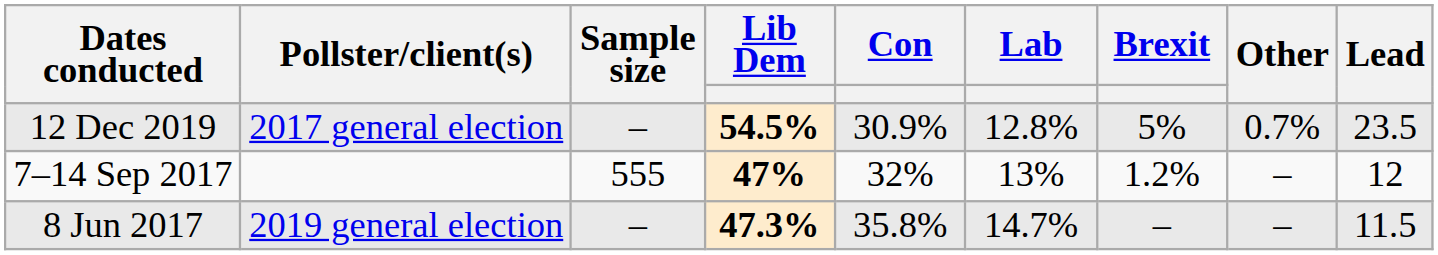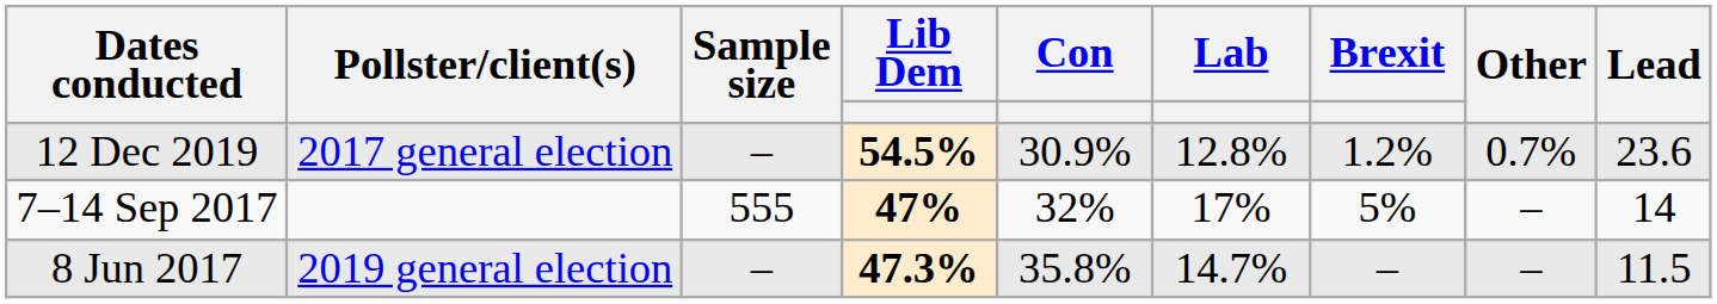 <table class="wikitable sortable mw-datatable" style="text-align:center;line-height:14px;">
 <tr>
 <th rowspan="2">Dates<br>conducted</th>
 <th rowspan="2">Pollster/client(s)</th>
 <th data-sort-type="number" rowspan="2">Sample<br>size</th>
 <th class="unsortable" style="width:50px;"><a href='#'>Lib Dem</a></th>
 <th class="unsortable" style="width:50px;"><a href='#'>Con</a></th>
 <th class="unsortable" style="width:50px;"><a href='#'>Lab</a></th>
 <th class="unsortable" style="width:50px;"><a href='#'>Brexit</a></th>
 <th class="unsortable" rowspan="2">Other</th>
 <th data-sort-type="number" rowspan="2">Lead</th>
 </tr>
 <tr>
 <th data-sort-type="number" style="background:"></th>
 <th data-sort-type="number" style="background:"></th>
 <th data-sort-type="number" style="background:"></th>
 <th data-sort-type="number" style="background:"></th>
 </tr>
 <tr style="background:#E9E9E9;">
 <td data-sort-value="2017-06-08">12 Dec 2019</td>
 <td><a href='#'>2017 general election</a></td>
 <td>–</td>
 <td style="background:#FEECCD;"><strong>54.5%</strong></td>
 <td>30.9%</td>
 <td>12.8%</td>
-<td>5%</td>
+<td>1.2%</td>
 <td>0.7%</td>
-<td style="background:">23.5</td>
+<td style="background:">23.6</td>
 </tr>
 <tr>
 <td data-sort-value="2017-09-14">7–14 Sep 2017</td>
 <td></td>
 <td>555</td>
 <td style="background:#FEECCD;"><strong>47%</strong></td>
 <td>32%</td>
-<td>13%</td>
-<td>1.2%</td>
+<td>17%</td>
+<td>5%</td>
 <td>–</td>
-<td style="background:">12</td>
+<td style="background:">14</td>
 </tr>
 <tr style="background:#E9E9E9;">
 <td data-sort-value="2017-06-08">8 Jun 2017</td>
 <td><a href='#'>2019 general election</a></td>
 <td>–</td>
 <td style="background:#FEECCD;"><strong>47.3%</strong></td>
 <td>35.8%</td>
 <td>14.7%</td>
 <td>–</td>
 <td>–</td>
 <td style="background:">11.5</td>
 </tr>
 </table>
